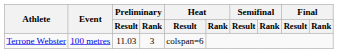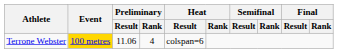 <table class="wikitable" style="font-size:90%">
 <tr>
 <th rowspan="2">Athlete</th>
 <th rowspan="2">Event</th>
 <th colspan="2">Preliminary</th>
 <th colspan="2">Heat</th>
 <th colspan="2">Semifinal</th>
 <th colspan="2">Final</th>
 </tr>
 <tr style="font-size:95%">
 <th>Result</th>
 <th>Rank</th>
 <th>Result</th>
 <th>Rank</th>
 <th>Result</th>
 <th>Rank</th>
 <th>Result</th>
 <th>Rank</th>
 </tr>
 <tr align=center>
 <td align=left><a href='#'>Terrone Webster</a></td>
-<td align=left><a href='#'>100 metres</a></td>
-<td>11.03</td>
-<td>3</td>
+<td align=left style="background: gold;"><a href='#'>100 metres</a></td>
+<td>11.06</td>
+<td>4</td>
 <td>colspan=6 </td>
 </tr>
 </table>
